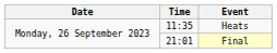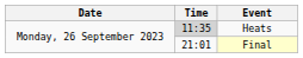 <table class = "wikitable" style="text-align:center;">
 <tr>
 <th width=220>Date</th>
 <th width=50>Time</th>
 <th width=100>Event</th>
 </tr>
 <tr>
 <td rowspan=2>Monday, 26 September 2023</td>
-<td>11:35</td>
+<td style="background: lightgrey;">11:35</td>
 <td>Heats</td>
 </tr>
 <tr>
 <td>21:01</td>
 <td bgcolor=ffffcc>Final</td>
 </tr>
 </table>
